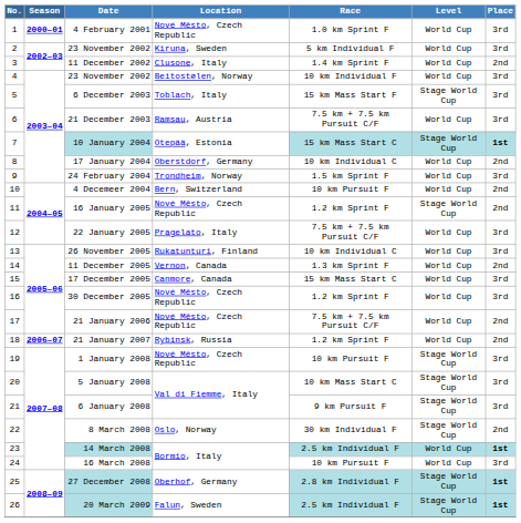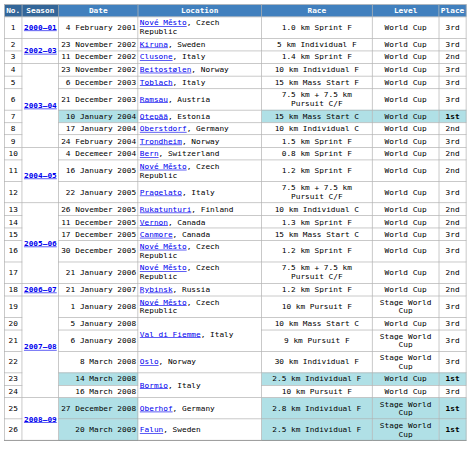 <table class="wikitable sortable" style="font-size:95%; text-align:center; border:grey solid 1px; border-collapse:collapse; background:#ffffff;">
 <tr style="background:#efefef;">
 <th style="background-color:#369; color:white;">No.</th>
 <th style="background-color:#369; color:white;">Season</th>
 <th style="background-color:#4180be; color:white; width:120px;">Date</th>
 <th style="background-color:#4180be; color:white; width:190px;">Location</th>
 <th style="background-color:#4180be; color:white; width:170px;">Race</th>
 <th style="background-color:#4180be; color:white; width:100px;">Level</th>
 <th style="background-color:#4180be; color:white;">Place</th>
 </tr>
 <tr>
 <td align=center>1</td>
 <td rowspan=1 align=center><strong><a href='#'>2000–01</a></strong></td>
 <td align=right>4 February 2001</td>
 <td align=left> <a href='#'>Nové Město</a>, Czech Republic</td>
 <td>1.0 km Sprint F</td>
 <td>World Cup</td>
 <td>3rd</td>
 </tr>
 <tr>
 <td align=center>2</td>
 <td rowspan=2 align=center><strong><a href='#'>2002–03</a></strong></td>
 <td align=right>23 November 2002</td>
 <td align=left> <a href='#'>Kiruna</a>, Sweden</td>
 <td>5 km Individual F</td>
 <td>World Cup</td>
 <td>3rd</td>
 </tr>
 <tr>
 <td align=center>3</td>
 <td align=right>11 December 2002</td>
 <td align=left> <a href='#'>Clusone</a>, Italy</td>
 <td>1.4 km Sprint F</td>
 <td>World Cup</td>
 <td>2nd</td>
 </tr>
 <tr>
 <td align=center>4</td>
 <td rowspan=6 align=center><strong><a href='#'>2003–04</a></strong></td>
 <td align=right>23 November 2002</td>
 <td align=left> <a href='#'>Beitostølen</a>, Norway</td>
 <td>10 km Individual F</td>
 <td>World Cup</td>
 <td>3rd</td>
 </tr>
 <tr>
 <td align=center>5</td>
 <td align=right>6 December 2003</td>
 <td align=left> <a href='#'>Toblach</a>, Italy</td>
 <td>15 km Mass Start F</td>
-<td>Stage World Cup</td>
+<td>World Cup</td>
 <td>3rd</td>
 </tr>
 <tr>
 <td align=center>6</td>
 <td align=right>21 December 2003</td>
 <td align=left> <a href='#'>Ramsau</a>, Austria</td>
 <td>7.5 km + 7.5 km  Pursuit C/F</td>
 <td>World Cup</td>
 <td>3rd</td>
 </tr>
 <tr>
 <td align=center>7</td>
 <td bgcolor="#BOEOE6" align=right>10 January 2004</td>
 <td align=left> <a href='#'>Otepää</a>, Estonia</td>
 <td bgcolor="#BOEOE6">15 km Mass Start C</td>
-<td bgcolor="#BOEOE6">Stage World Cup</td>
+<td bgcolor="#BOEOE6">World Cup</td>
 <td bgcolor="#BOEOE6"><strong>1st</strong></td>
 </tr>
 <tr>
 <td align=center>8</td>
 <td align=right>17 January 2004</td>
 <td align=left> <a href='#'>Oberstdorf</a>, Germany</td>
 <td>10 km Individual C</td>
 <td>World Cup</td>
 <td>2nd</td>
 </tr>
 <tr>
 <td align=center>9</td>
 <td align=right>24 February 2004</td>
 <td align=left> <a href='#'>Trondheim</a>, Norway</td>
 <td>1.5 km Sprint F</td>
 <td>World Cup</td>
 <td>3rd</td>
 </tr>
 <tr>
 <td align=center>10</td>
 <td rowspan=3 align=center><strong><a href='#'>2004–05</a></strong></td>
 <td align=right>4 Decemeer 2004</td>
 <td align=left> <a href='#'>Bern</a>, Switzerland</td>
-<td>10 km Pursuit F</td>
+<td>0.8 km Sprint F</td>
 <td>World Cup</td>
 <td>2nd</td>
 </tr>
 <tr>
 <td align=center>11</td>
 <td align=right>16 January 2005</td>
 <td align=left> <a href='#'>Nové Město</a>, Czech Republic</td>
 <td>1.2 km Sprint F</td>
-<td>Stage World Cup</td>
+<td>World Cup</td>
 <td>2nd</td>
 </tr>
 <tr>
 <td align=center>12</td>
 <td align=right>22 January 2005</td>
 <td align=left> <a href='#'>Pragelato</a>, Italy</td>
 <td>7.5 km + 7.5 km Pursuit C/F</td>
 <td>World Cup</td>
 <td>3rd</td>
 </tr>
 <tr>
 <td align=center>13</td>
 <td rowspan=5 align=center><strong><a href='#'>2005–06</a></strong></td>
 <td align=right>26 November 2005</td>
 <td align=left> <a href='#'>Rukatunturi</a>, Finland</td>
 <td>10 km Individual C</td>
 <td>World Cup</td>
-<td>3rd</td>
+<td>2nd</td>
 </tr>
 <tr>
 <td align=center>14</td>
 <td align=right>11 December 2005</td>
 <td align=left> <a href='#'>Vernon</a>, Canada</td>
 <td>1.3 km Sprint F</td>
 <td>World Cup</td>
 <td>2nd</td>
 </tr>
 <tr>
 <td align=center>15</td>
 <td align=right>17 December 2005</td>
 <td align=left> <a href='#'>Canmore</a>, Canada</td>
 <td>15 km Mass Start C</td>
 <td>World Cup</td>
 <td>3rd</td>
 </tr>
 <tr>
 <td align=center>16</td>
 <td align=right>30 December 2005</td>
 <td align=left> <a href='#'>Nové Město</a>, Czech Republic</td>
 <td>1.2 km Sprint F</td>
 <td>World Cup</td>
 <td>3rd</td>
 </tr>
 <tr>
 <td align=center>17</td>
 <td align=right>21 January 2006</td>
 <td align=left> <a href='#'>Nové Město</a>, Czech Republic</td>
 <td>7.5 km + 7.5 km Pursuit C/F</td>
 <td>World Cup</td>
 <td>2nd</td>
 </tr>
 <tr>
 <td align=center>18</td>
 <td rowspan=1 align=center><strong><a href='#'>2006–07</a></strong></td>
 <td align=right>21 January 2007</td>
 <td align=left> <a href='#'>Rybinsk</a>, Russia</td>
 <td>1.2 km Sprint F</td>
 <td>World Cup</td>
 <td>2nd</td>
 </tr>
 <tr>
 <td align=center>19</td>
 <td rowspan=6 align=center><strong><a href='#'>2007–08</a></strong></td>
 <td align=right>1 January 2008</td>
 <td align=left> <a href='#'>Nové Město</a>, Czech Republic</td>
 <td>10 km Pursuit F</td>
 <td>Stage World Cup</td>
 <td>3rd</td>
 </tr>
 <tr>
 <td align=center>20</td>
 <td align=right>5 January 2008</td>
 <td rowspan=2 align=left> <a href='#'>Val di Fiemme</a>, Italy</td>
 <td>10 km Mass Start C</td>
-<td>Stage World Cup</td>
+<td>World Cup</td>
 <td>3rd</td>
 </tr>
 <tr>
 <td align=center>21</td>
 <td align=right>6 January 2008</td>
 <td>9 km Pursuit F</td>
 <td>Stage World Cup</td>
 <td>3rd</td>
 </tr>
 <tr>
 <td align=center>22</td>
 <td align=right>8 March 2008</td>
 <td align=left> <a href='#'>Oslo</a>, Norway</td>
 <td>30 km Individual F</td>
 <td>Stage World Cup</td>
-<td>2nd</td>
+<td>3rd</td>
 </tr>
 <tr>
 <td align=center>23</td>
 <td bgcolor="#BOEOE6" align=right>14 March 2008</td>
 <td rowspan=2 align=left> <a href='#'>Bormio</a>, Italy</td>
 <td bgcolor="#BOEOE6">2.5 km Individual F</td>
 <td bgcolor="#BOEOE6">World Cup</td>
 <td bgcolor="#BOEOE6"><strong>1st</strong></td>
 </tr>
 <tr>
 <td align=center>24</td>
 <td align=right>16 March 2008</td>
 <td>10 km Pursuit F</td>
 <td>World Cup</td>
 <td>3rd</td>
 </tr>
 <tr>
 <td align=center>25</td>
 <td rowspan=2 align=center><strong><a href='#'>2008–09</a></strong></td>
 <td bgcolor="#BOEOE6" align=right>27 December 2008</td>
 <td align=left> <a href='#'>Oberhof</a>, Germany</td>
 <td bgcolor="#BOEOE6">2.8 km Individual F</td>
 <td bgcolor="#BOEOE6">Stage World Cup</td>
 <td bgcolor="#BOEOE6"><strong>1st</strong></td>
 </tr>
 <tr>
 <td align=center>26</td>
 <td bgcolor="#BOEOE6" align=right>20 March 2009</td>
 <td align=left> <a href='#'>Falun</a>, Sweden</td>
 <td bgcolor="#BOEOE6">2.5 km Individual F</td>
 <td bgcolor="#BOEOE6">Stage World Cup</td>
 <td bgcolor="#BOEOE6"><strong>1st</strong></td>
 </tr>
 <tr>
 </tr>
 </table>
